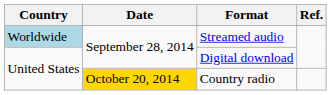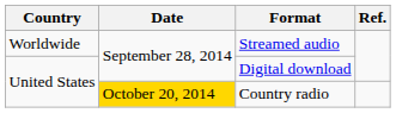 <table class="wikitable">
 <tr>
 <th>Country</th>
 <th>Date</th>
 <th>Format</th>
 <th>Ref.</th>
 </tr>
 <tr>
-<td style="background: lightblue;">Worldwide</td>
+<td>Worldwide</td>
 <td rowspan="2">September 28, 2014</td>
 <td><a href='#'>Streamed audio</a></td>
 <td rowspan="2"></td>
 </tr>
 <tr>
 <td rowspan="2">United States</td>
 <td><a href='#'>Digital download</a></td>
 </tr>
 <tr>
 <td style="background: gold;">October 20, 2014</td>
 <td>Country radio</td>
 <td></td>
 </tr>
 </table>
